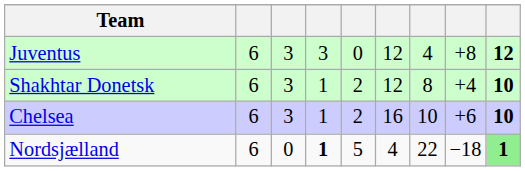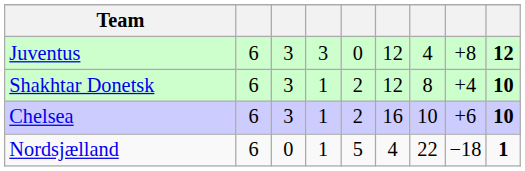 <table class="wikitable" style="text-align: center;">
 <tr>
 </tr>
 <tr>
 <th width=175>Team</th>
 <th width=20></th>
 <th width=20></th>
 <th width=20></th>
 <th width=20></th>
 <th width=20></th>
 <th width=20></th>
 <th width=20></th>
 <th width=20></th>
 </tr>
 <tr bgcolor=ccffcc>
 <td align=left> <a href='#'>Juventus</a></td>
 <td>6</td>
 <td>3</td>
 <td>3</td>
 <td>0</td>
 <td>12</td>
 <td>4</td>
 <td>+8</td>
 <td><strong>12</strong></td>
 </tr>
 <tr bgcolor=ccffcc>
 <td align=left> <a href='#'>Shakhtar Donetsk</a></td>
 <td>6</td>
 <td>3</td>
 <td>1</td>
 <td>2</td>
 <td>12</td>
 <td>8</td>
 <td>+4</td>
 <td><strong>10</strong></td>
 </tr>
 <tr bgcolor=ccccff>
 <td align=left> <a href='#'>Chelsea</a></td>
 <td>6</td>
 <td>3</td>
 <td>1</td>
 <td>2</td>
 <td>16</td>
 <td>10</td>
 <td>+6</td>
 <td><strong>10</strong></td>
 </tr>
 <tr>
 <td align=left> <a href='#'>Nordsjælland</a></td>
 <td>6</td>
 <td>0</td>
-<td><strong>1</strong></td>
+<td>1</td>
 <td>5</td>
 <td>4</td>
 <td>22</td>
 <td>−18</td>
-<td style="background: lightgreen;"><strong>1</strong></td>
+<td><strong>1</strong></td>
 </tr>
 </table>
